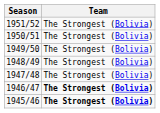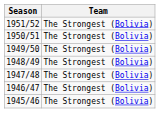 <table class="wikitable">
 <tr>
 <th>Season</th>
 <th>Team</th>
 </tr>
 <tr>
 <td>1951/52</td>
 <td>The Strongest (<a href='#'>Bolivia</a>)</td>
 </tr>
 <tr>
 <td>1950/51</td>
 <td>The Strongest (<a href='#'>Bolivia</a>)</td>
 </tr>
 <tr>
 <td>1949/50</td>
 <td>The Strongest (<a href='#'>Bolivia</a>)</td>
 </tr>
 <tr>
 <td>1948/49</td>
 <td>The Strongest (<a href='#'>Bolivia</a>)</td>
 </tr>
 <tr>
 <td>1947/48</td>
 <td>The Strongest (<a href='#'>Bolivia</a>)</td>
 </tr>
 <tr>
 <td>1946/47</td>
-<td><strong>The Strongest (<a href='#'>Bolivia</a>)</strong></td>
+<td>The Strongest (<a href='#'>Bolivia</a>)</td>
 </tr>
 <tr>
 <td>1945/46</td>
-<td><strong>The Strongest (<a href='#'>Bolivia</a>)</strong></td>
+<td>The Strongest (<a href='#'>Bolivia</a>)</td>
 </tr>
 </table>
